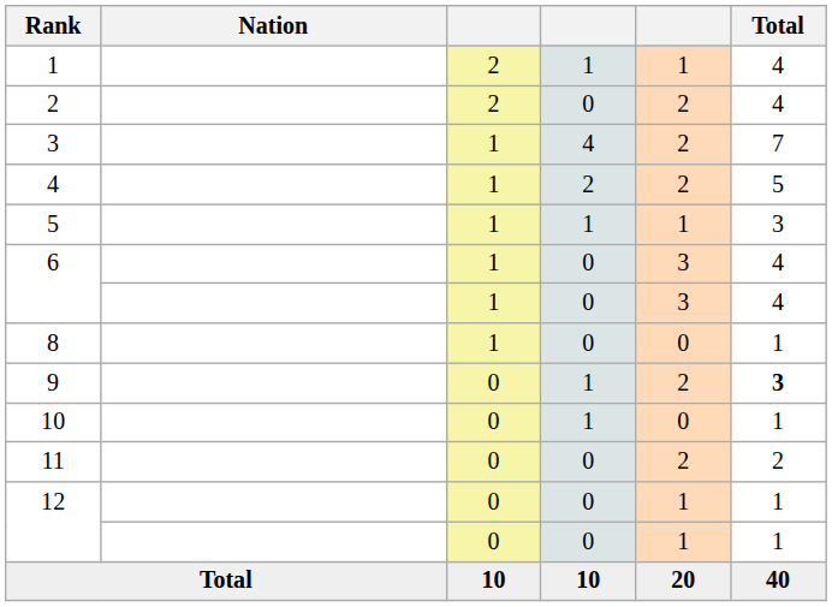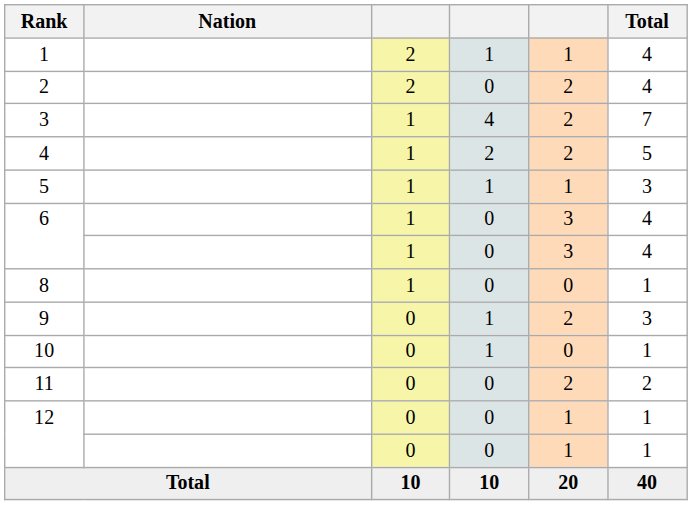 <table class=wikitable style="border:1px solid #AAAAAA;font-size:90%">
 <tr bgcolor="#EFEFEF">
 <th width=50>Rank</th>
 <th width=200>Nation</th>
 <th width=50></th>
 <th width=50></th>
 <th width=50></th>
 <th width=50>Total</th>
 </tr>
 <tr align="center" valign="top" bgcolor="#FFFFFF">
 <td rowspan="1" valign="center">1</td>
 <td align="left"></td>
 <td style="background:#F7F6A8;">2</td>
 <td style="background:#DCE5E5;">1</td>
 <td style="background:#FFDAB9;">1</td>
 <td>4</td>
 </tr>
 <tr align="center" valign="top" bgcolor="#FFFFFF">
 <td rowspan="1" valign="center">2</td>
 <td align="left"></td>
 <td style="background:#F7F6A8;">2</td>
 <td style="background:#DCE5E5;">0</td>
 <td style="background:#FFDAB9;">2</td>
 <td>4</td>
 </tr>
 <tr align="center" valign="top" bgcolor="#FFFFFF">
 <td rowspan="1" valign="center">3</td>
 <td align="left"></td>
 <td style="background:#F7F6A8;">1</td>
 <td style="background:#DCE5E5;">4</td>
 <td style="background:#FFDAB9;">2</td>
 <td>7</td>
 </tr>
 <tr align="center" valign="top" bgcolor="#FFFFFF">
 <td rowspan="1" valign="center">4</td>
 <td align="left"></td>
 <td style="background:#F7F6A8;">1</td>
 <td style="background:#DCE5E5;">2</td>
 <td style="background:#FFDAB9;">2</td>
 <td>5</td>
 </tr>
 <tr align="center" valign="top" bgcolor="#FFFFFF">
 <td rowspan="1" valign="center">5</td>
 <td align="left"></td>
 <td style="background:#F7F6A8;">1</td>
 <td style="background:#DCE5E5;">1</td>
 <td style="background:#FFDAB9;">1</td>
 <td>3</td>
 </tr>
 <tr align="center" valign="top" bgcolor="#FFFFFF">
 <td rowspan="2" valign="center">6</td>
 <td align="left"></td>
 <td style="background:#F7F6A8;">1</td>
 <td style="background:#DCE5E5;">0</td>
 <td style="background:#FFDAB9;">3</td>
 <td>4</td>
 </tr>
 <tr align="center" valign="top" bgcolor="#FFFFFF">
 <td align="left"></td>
 <td style="background:#F7F6A8;">1</td>
 <td style="background:#DCE5E5;">0</td>
 <td style="background:#FFDAB9;">3</td>
 <td>4</td>
 </tr>
 <tr align="center" valign="top" bgcolor="#FFFFFF">
 <td rowspan="1" valign="center">8</td>
 <td align="left"></td>
 <td style="background:#F7F6A8;">1</td>
 <td style="background:#DCE5E5;">0</td>
 <td style="background:#FFDAB9;">0</td>
 <td>1</td>
 </tr>
 <tr align="center" valign="top" bgcolor="#FFFFFF">
 <td rowspan="1" valign="center">9</td>
 <td align="left"></td>
 <td style="background:#F7F6A8;">0</td>
 <td style="background:#DCE5E5;">1</td>
 <td style="background:#FFDAB9;">2</td>
-<td><strong>3</strong></td>
+<td>3</td>
 </tr>
 <tr align="center" valign="top" bgcolor="#FFFFFF">
 <td rowspan="1" valign="center">10</td>
 <td align="left"></td>
 <td style="background:#F7F6A8;">0</td>
 <td style="background:#DCE5E5;">1</td>
 <td style="background:#FFDAB9;">0</td>
 <td>1</td>
 </tr>
 <tr align="center" valign="top" bgcolor="#FFFFFF">
 <td rowspan="1" valign="center">11</td>
 <td align="left"></td>
 <td style="background:#F7F6A8;">0</td>
 <td style="background:#DCE5E5;">0</td>
 <td style="background:#FFDAB9;">2</td>
 <td>2</td>
 </tr>
 <tr align="center" valign="top" bgcolor="#FFFFFF">
 <td rowspan="2" valign="center">12</td>
 <td align="left"></td>
 <td style="background:#F7F6A8;">0</td>
 <td style="background:#DCE5E5;">0</td>
 <td style="background:#FFDAB9;">1</td>
 <td>1</td>
 </tr>
 <tr align="center" valign="top" bgcolor="#FFFFFF">
 <td align="left"></td>
 <td style="background:#F7F6A8;">0</td>
 <td style="background:#DCE5E5;">0</td>
 <td style="background:#FFDAB9;">1</td>
 <td>1</td>
 </tr>
 <tr align="center" valign="top" bgcolor="#EFEFEF">
 <td colspan="2" rowspan="1" valign="center"><strong>Total</strong></td>
 <td><strong>10</strong></td>
 <td><strong>10</strong></td>
 <td><strong>20</strong></td>
 <td><strong>40</strong></td>
 </tr>
 </table>
